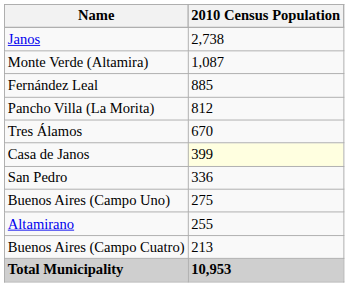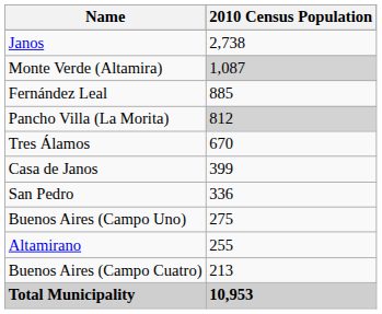 <table class="wikitable">
 <tr style="background:#000000; color:black;">
 <th><strong>Name</strong></th>
 <th><strong>2010 Census Population</strong></th>
 </tr>
 <tr>
 <td><a href='#'>Janos</a></td>
 <td>2,738</td>
 </tr>
 <tr>
 <td>Monte Verde (Altamira)</td>
-<td>1,087</td>
+<td style="background: lightgrey;">1,087</td>
 </tr>
 <tr>
 <td>Fernández Leal</td>
 <td>885</td>
 </tr>
 <tr>
 <td>Pancho Villa (La Morita)</td>
-<td>812</td>
+<td style="background: lightgrey;">812</td>
 </tr>
 <tr>
 <td>Tres Álamos</td>
 <td>670</td>
 </tr>
 <tr>
 <td>Casa de Janos</td>
-<td style="background: lightyellow;">399</td>
+<td>399</td>
 </tr>
 <tr>
 <td>San Pedro</td>
 <td>336</td>
 </tr>
 <tr>
 <td>Buenos Aires (Campo Uno)</td>
 <td>275</td>
 </tr>
 <tr>
 <td><a href='#'>Altamirano</a></td>
 <td>255</td>
 </tr>
 <tr>
 <td>Buenos Aires (Campo Cuatro)</td>
 <td>213</td>
 </tr>
 <tr style="background:#CFCFCF;">
 <td><strong>Total Municipality</strong></td>
 <td><strong>10,953</strong></td>
 </tr>
 </table>
